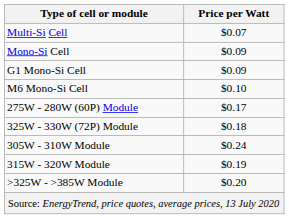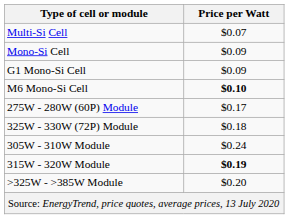 <table class="wikitable floatleft" style="font-size: 0.9em; margin-right: 12px; margin-top: 12px">
 <tr>
 <th>Type of cell or module</th>
 <th>Price per Watt</th>
 </tr>
 <tr>
 <td><a href='#'>Multi-Si</a> <a href='#'>Cell</a> </td>
 <td align=center>$0.07</td>
 </tr>
 <tr>
 <td><a href='#'>Mono-Si</a> Cell </td>
 <td align=center>$0.09</td>
 </tr>
 <tr>
 <td>G1 Mono-Si Cell </td>
 <td align=center>$0.09</td>
 </tr>
 <tr>
 <td>M6 Mono-Si Cell </td>
-<td align=center>$0.10</td>
+<td align=center><strong>$0.10</strong></td>
 </tr>
 <tr>
 <td>275W - 280W (60P) <a href='#'>Module</a></td>
 <td align=center>$0.17</td>
 </tr>
 <tr>
 <td>325W - 330W (72P) Module</td>
 <td align=center>$0.18</td>
 </tr>
 <tr>
 <td>305W - 310W Module</td>
 <td align=center>$0.24</td>
 </tr>
 <tr>
 <td>315W - 320W Module</td>
-<td align=center>$0.19</td>
+<td align=center><strong>$0.19</strong></td>
 </tr>
 <tr>
 <td>>325W - >385W Module</td>
 <td align=center>$0.20</td>
 </tr>
 <tr>
 <th colspan=2 style="font-weight: normal; font-size: 0.92em; padding: 6px 2px 4px 4px; text-align: left;">Source: <em>EnergyTrend, price quotes, average prices, 13 July 2020</em> </th>
 </tr>
 </table>
